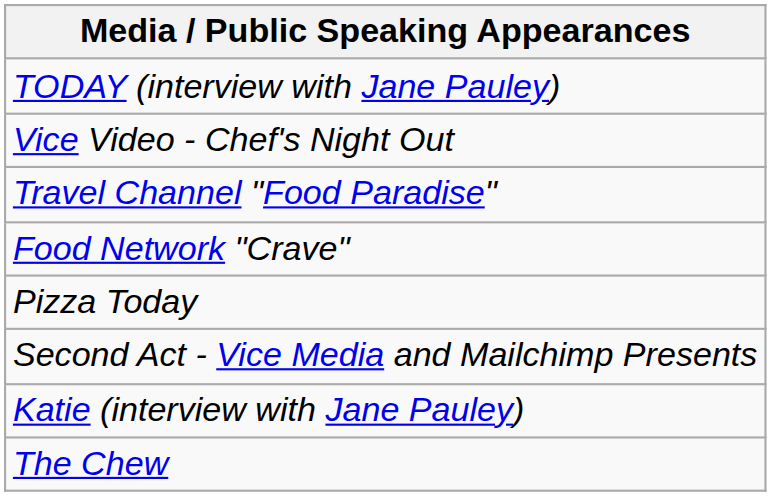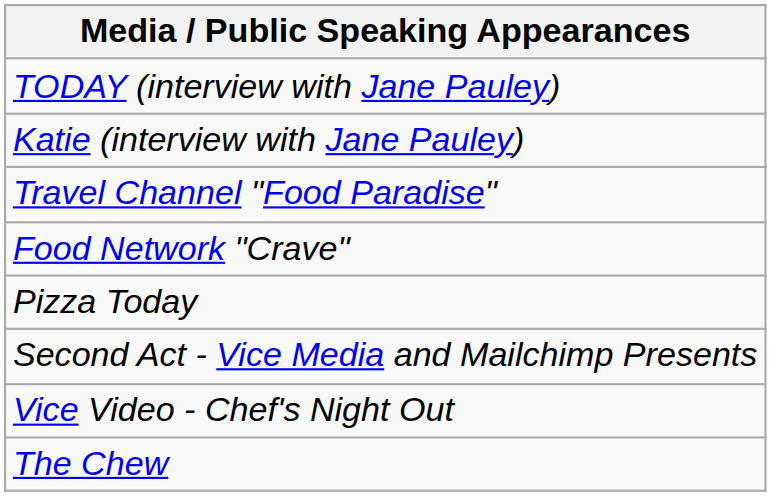 <table class="wikitable">
 <tr>
 <th>Media / Public Speaking Appearances</th>
 </tr>
 <tr>
 <td><em><a href='#'>TODAY</a> (interview with <a href='#'>Jane Pauley</a>)</em></td>
 </tr>
 <tr>
-<td><em><a href='#'>Vice</a> Video - Chef's Night Out</em></td>
+<td><em><a href='#'>Katie</a> (interview with <a href='#'>Jane Pauley</a>)</em></td>
 </tr>
 <tr>
 <td><em><a href='#'>Travel Channel</a> "<a href='#'>Food Paradise</a>"</em></td>
 </tr>
 <tr>
 <td><em><a href='#'>Food Network</a> "Crave"</em></td>
 </tr>
 <tr>
 <td><em>Pizza Today</em></td>
 </tr>
 <tr>
 <td><em>Second Act - <a href='#'>Vice Media</a> and Mailchimp Presents</em></td>
 </tr>
 <tr>
-<td><em><a href='#'>Katie</a> (interview with <a href='#'>Jane Pauley</a>)</em></td>
+<td><em><a href='#'>Vice</a> Video - Chef's Night Out</em></td>
 </tr>
 <tr>
 <td><em><a href='#'>The Chew</a></em></td>
 </tr>
 </table>
